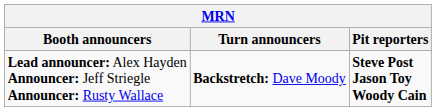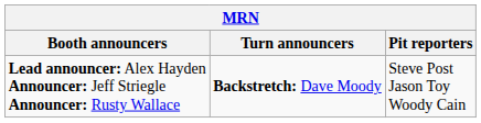 <table class="wikitable" style="font-size: 95%">
 <tr>
 <th colspan="3"><a href='#'>MRN</a></th>
 </tr>
 <tr>
 <th>Booth announcers</th>
 <th>Turn announcers</th>
 <th>Pit reporters</th>
 </tr>
 <tr>
 <td><strong>Lead announcer:</strong> Alex Hayden<br><strong>Announcer:</strong> Jeff Striegle<br><strong>Announcer:</strong> <a href='#'>Rusty Wallace</a></td>
 <td><strong>Backstretch:</strong> <a href='#'>Dave Moody</a></td>
-<td><strong>Steve Post<br>Jason Toy<br>Woody Cain</strong></td>
+<td>Steve Post<br>Jason Toy<br>Woody Cain</td>
 </tr>
 </table>
